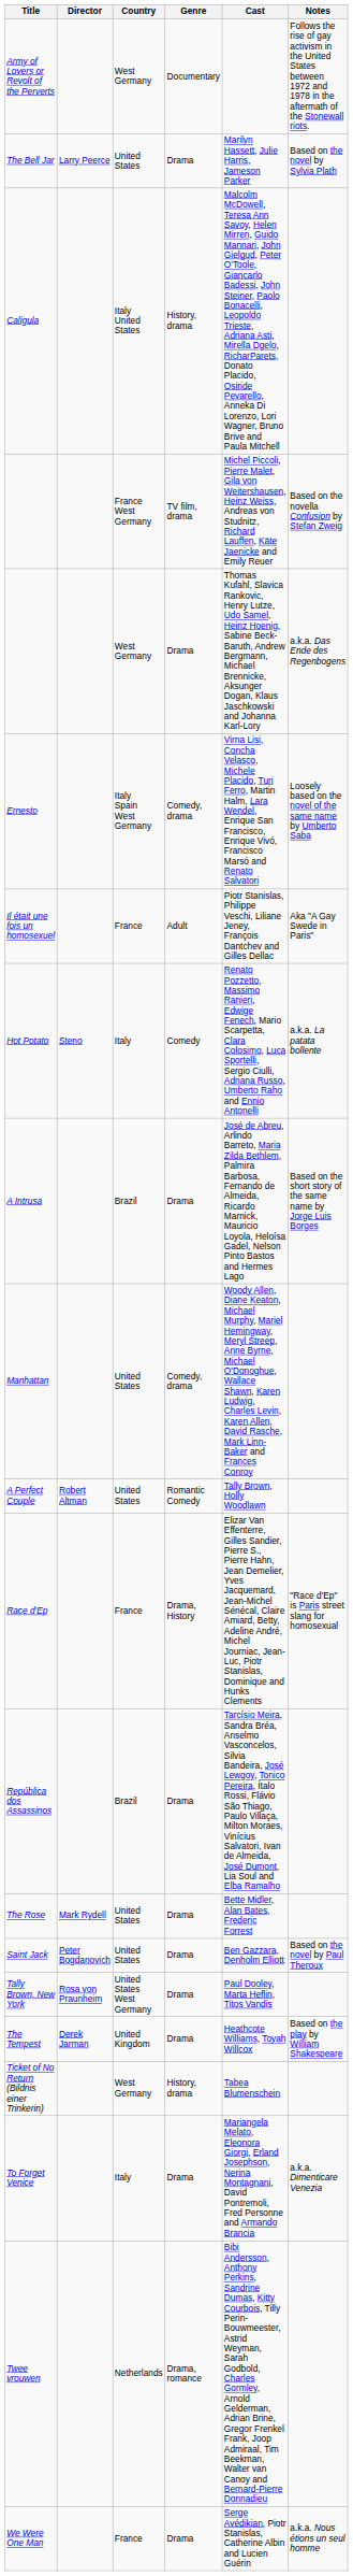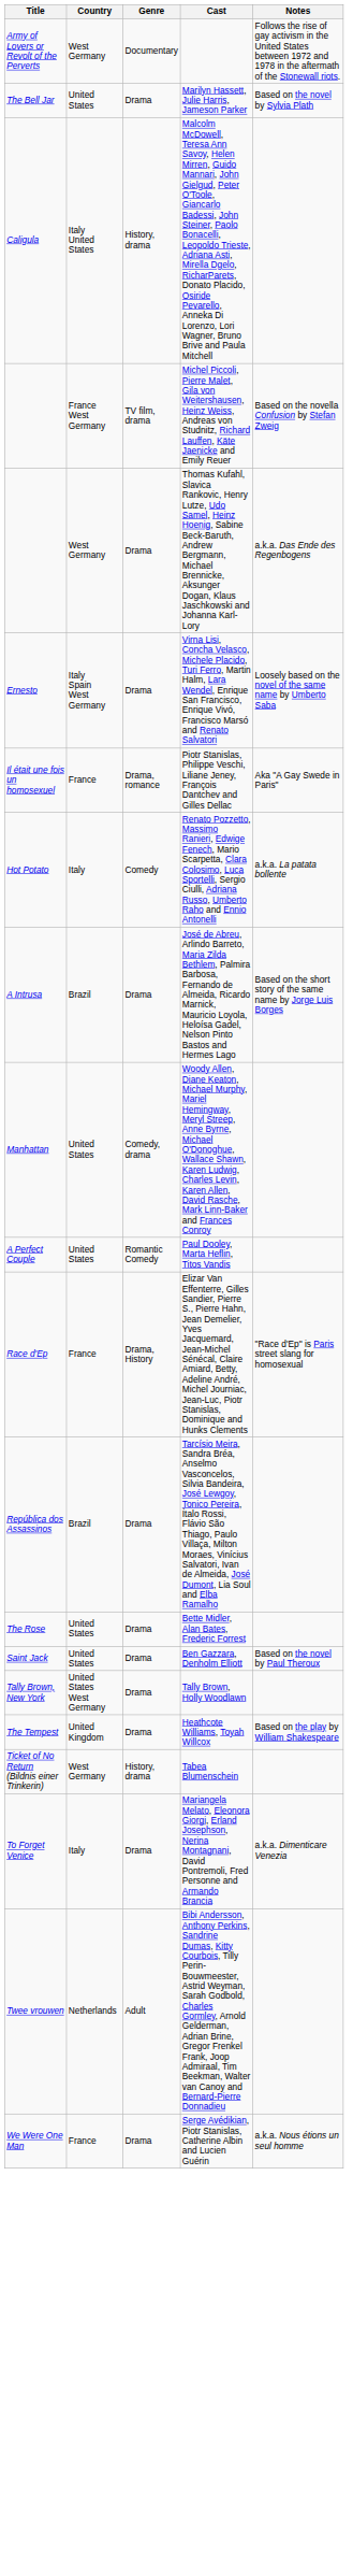 <table class="wikitable sortable">
 <tr>
 <th width="19%">Title</th>
-<th width="15%">Director</th>
 <th width="17%">Country</th>
 <th width="13%">Genre</th>
 <th width="22%">Cast</th>
 <th width="36%">Notes</th>
 </tr>
 <tr>
 <td><em><a href='#'>Army of Lovers or Revolt of the Perverts</a></em></td>
-<td></td>
 <td>West Germany</td>
 <td>Documentary</td>
 <td></td>
 <td>Follows the rise of gay activism in the United States between 1972 and 1978 in the aftermath of the <a href='#'>Stonewall riots</a>.</td>
 </tr>
 <tr>
 <td><em><a href='#'>The Bell Jar</a></em></td>
-<td><a href='#'>Larry Peerce</a></td>
 <td>United States</td>
 <td>Drama</td>
 <td><a href='#'>Marilyn Hassett</a>, <a href='#'>Julie Harris</a>, <a href='#'>Jameson Parker</a></td>
 <td>Based on <a href='#'>the novel</a> by <a href='#'>Sylvia Plath</a></td>
 </tr>
 <tr>
 <td><em><a href='#'>Caligula</a></em></td>
-<td></td>
 <td>Italy<br>United States</td>
 <td>History, drama</td>
 <td><a href='#'>Malcolm McDowell</a>, <a href='#'>Teresa Ann Savoy</a>, <a href='#'>Helen Mirren</a>, <a href='#'>Guido Mannari</a>, <a href='#'>John Gielgud</a>, <a href='#'>Peter O'Toole</a>, <a href='#'>Giancarlo Badessi</a>, <a href='#'>John Steiner</a>, <a href='#'>Paolo Bonacelli</a>, <a href='#'>Leopoldo Trieste</a>, <a href='#'>Adriana Asti</a>, <a href='#'>Mirella Dgelo</a>, <a href='#'>RicharParets</a>, Donato Placido, <a href='#'>Osiride Pevarello</a>, Anneka Di Lorenzo, Lori Wagner, Bruno Brive and Paula Mitchell</td>
 <td></td>
 </tr>
 <tr>
 <td><em></em></td>
-<td></td>
 <td>France<br>West Germany</td>
 <td>TV film, drama</td>
 <td><a href='#'>Michel Piccoli</a>, <a href='#'>Pierre Malet</a>, <a href='#'>Gila von Weitershausen</a>, <a href='#'>Heinz Weiss</a>, Andreas von Studnitz, <a href='#'>Richard Lauffen</a>, <a href='#'>Käte Jaenicke</a> and Emily Reuer</td>
 <td>Based on the novella <em><a href='#'>Confusion</a></em> by <a href='#'>Stefan Zweig</a></td>
 </tr>
 <tr>
 <td><em></em></td>
-<td></td>
 <td>West Germany</td>
 <td>Drama</td>
 <td>Thomas Kufahl, Slavica Rankovic, Henry Lutze, <a href='#'>Udo Samel</a>, <a href='#'>Heinz Hoenig</a>, Sabine Beck-Baruth, Andrew Bergmann, Michael Brennicke, Aksunger Dogan, Klaus Jaschkowski and Johanna Karl-Lory</td>
 <td>a.k.a. <em>Das Ende des Regenbogens</em></td>
 </tr>
 <tr>
 <td><em><a href='#'>Ernesto</a></em></td>
-<td></td>
 <td>Italy<br>Spain<br>West Germany</td>
-<td>Comedy, drama</td>
+<td>Drama</td>
 <td><a href='#'>Virna Lisi</a>, <a href='#'>Concha Velasco</a>, <a href='#'>Michele Placido</a>, <a href='#'>Turi Ferro</a>, Martin Halm, <a href='#'>Lara Wendel</a>, Enrique San Francisco, Enrique Vivó, Francisco Marsó and <a href='#'>Renato Salvatori</a></td>
 <td>Loosely based on the <a href='#'>novel of the same name</a> by <a href='#'>Umberto Saba</a></td>
 </tr>
 <tr>
 <td><em><a href='#'>Il était une fois un homosexuel</a></em></td>
-<td></td>
 <td>France</td>
-<td>Adult</td>
+<td>Drama, romance</td>
 <td>Piotr Stanislas, Philippe Veschi, Liliane Jeney, François Dantchev and Gilles Dellac</td>
 <td>Aka "A Gay Swede in Paris"</td>
 </tr>
 <tr>
 <td><em><a href='#'>Hot Potato</a></em></td>
-<td><a href='#'>Steno</a></td>
 <td>Italy</td>
 <td>Comedy</td>
 <td><a href='#'>Renato Pozzetto</a>, <a href='#'>Massimo Ranieri</a>, <a href='#'>Edwige Fenech</a>, Mario Scarpetta, <a href='#'>Clara Colosimo</a>, <a href='#'>Luca Sportelli</a>, Sergio Ciulli, <a href='#'>Adriana Russo</a>, <a href='#'>Umberto Raho</a> and <a href='#'>Ennio Antonelli</a></td>
 <td>a.k.a. <em>La patata bollente</em></td>
 </tr>
 <tr>
 <td><em><a href='#'>A Intrusa</a></em></td>
-<td></td>
 <td>Brazil</td>
 <td>Drama</td>
 <td><a href='#'>José de Abreu</a>, Arlindo Barreto, <a href='#'>Maria Zilda Bethlem</a>, Palmira Barbosa, Fernando de Almeida, Ricardo Marnick, Mauricio Loyola, Heloísa Gadel, Nelson Pinto Bastos and Hermes Lago</td>
 <td>Based on the short story of the same name by <a href='#'>Jorge Luis Borges</a></td>
 </tr>
 <tr>
 <td><em><a href='#'>Manhattan</a></em></td>
-<td></td>
 <td>United States</td>
 <td>Comedy, drama</td>
 <td><a href='#'>Woody Allen</a>, <a href='#'>Diane Keaton</a>, <a href='#'>Michael Murphy</a>, <a href='#'>Mariel Hemingway</a>, <a href='#'>Meryl Streep</a>, <a href='#'>Anne Byrne</a>, <a href='#'>Michael O'Donoghue</a>, <a href='#'>Wallace Shawn</a>, <a href='#'>Karen Ludwig</a>, <a href='#'>Charles Levin</a>, <a href='#'>Karen Allen</a>, <a href='#'>David Rasche</a>, <a href='#'>Mark Linn-Baker</a> and <a href='#'>Frances Conroy</a></td>
 <td></td>
 </tr>
 <tr>
 <td><em><a href='#'>A Perfect Couple</a></em></td>
-<td><a href='#'>Robert Altman</a></td>
 <td>United States</td>
 <td>Romantic Comedy</td>
-<td><a href='#'>Tally Brown</a>, <a href='#'>Holly Woodlawn</a></td>
+<td><a href='#'>Paul Dooley</a>, <a href='#'>Marta Heflin</a>, <a href='#'>Titos Vandis</a></td>
 <td></td>
 </tr>
 <tr>
 <td><em><a href='#'>Race d'Ep</a></em></td>
-<td></td>
 <td>France</td>
 <td>Drama, History</td>
 <td>Elizar Van Effenterre, Gilles Sandier, Pierre S., Pierre Hahn, Jean Demelier, Yves Jacquemard, Jean-Michel Sénécal, Claire Amiard, Betty, Adeline André, Michel Journiac, Jean-Luc, Piotr Stanislas, Dominique and Hunks Clements</td>
 <td>"Race d'Ep" is <a href='#'>Paris</a> street slang for homosexual</td>
 </tr>
 <tr>
 <td><em><a href='#'>República dos Assassinos</a></em></td>
-<td></td>
 <td>Brazil</td>
 <td>Drama</td>
 <td><a href='#'>Tarcísio Meira</a>, Sandra Bréa, Anselmo Vasconcelos, Silvia Bandeira, <a href='#'>José Lewgoy</a>, <a href='#'>Tonico Pereira</a>, Ítalo Rossi, Flávio São Thiago, Paulo Villaça, Milton Moraes, Vinícius Salvatori, Ivan de Almeida, <a href='#'>José Dumont</a>, Lia Soul and <a href='#'>Elba Ramalho</a></td>
 <td></td>
 </tr>
 <tr>
 <td><em><a href='#'>The Rose</a></em></td>
-<td><a href='#'>Mark Rydell</a></td>
 <td>United States</td>
 <td>Drama</td>
 <td><a href='#'>Bette Midler</a>, <a href='#'>Alan Bates</a>, <a href='#'>Frederic Forrest</a></td>
 <td></td>
 </tr>
 <tr>
 <td><em><a href='#'>Saint Jack</a></em></td>
-<td><a href='#'>Peter Bogdanovich</a></td>
 <td>United States</td>
 <td>Drama</td>
 <td><a href='#'>Ben Gazzara</a>, <a href='#'>Denholm Elliott</a></td>
 <td>Based on <a href='#'>the novel</a> by <a href='#'>Paul Theroux</a></td>
 </tr>
 <tr>
 <td><em><a href='#'>Tally Brown, New York</a></em></td>
-<td><a href='#'>Rosa von Praunheim</a></td>
 <td>United States<br>West Germany</td>
 <td>Drama</td>
-<td><a href='#'>Paul Dooley</a>, <a href='#'>Marta Heflin</a>, <a href='#'>Titos Vandis</a></td>
+<td><a href='#'>Tally Brown</a>, <a href='#'>Holly Woodlawn</a></td>
 <td></td>
 </tr>
 <tr>
 <td><em><a href='#'>The Tempest</a></em></td>
-<td><a href='#'>Derek Jarman</a></td>
 <td>United Kingdom</td>
 <td>Drama</td>
 <td><a href='#'>Heathcote Williams</a>, <a href='#'>Toyah Willcox</a></td>
 <td>Based on <a href='#'>the play</a> by <a href='#'>William Shakespeare</a></td>
 </tr>
 <tr>
 <td><em><a href='#'>Ticket of No Return</a> (Bildnis einer Trinkerin)</em></td>
-<td></td>
 <td>West Germany</td>
 <td>History, drama</td>
 <td><a href='#'>Tabea Blumenschein</a></td>
 <td></td>
 </tr>
 <tr>
 <td><em><a href='#'>To Forget Venice</a></em></td>
-<td></td>
 <td>Italy</td>
 <td>Drama</td>
 <td><a href='#'>Mariangela Melato</a>, <a href='#'>Eleonora Giorgi</a>, <a href='#'>Erland Josephson</a>, <a href='#'>Nerina Montagnani</a>, David Pontremoli, Fred Personne and <a href='#'>Armando Brancia</a></td>
 <td>a.k.a. <em>Dimenticare Venezia</em></td>
 </tr>
 <tr>
 <td><em><a href='#'>Twee vrouwen</a></em></td>
-<td></td>
 <td>Netherlands</td>
-<td>Drama, romance</td>
+<td>Adult</td>
 <td><a href='#'>Bibi Andersson</a>, <a href='#'>Anthony Perkins</a>, <a href='#'>Sandrine Dumas</a>, <a href='#'>Kitty Courbois</a>, Tilly Perin-Bouwmeester, Astrid Weyman, Sarah Godbold, <a href='#'>Charles Gormley</a>, Arnold Gelderman, Adrian Brine, Gregor Frenkel Frank, Joop Admiraal, Tim Beekman, Walter van Canoy and <a href='#'>Bernard-Pierre Donnadieu</a></td>
 <td></td>
 </tr>
 <tr>
 <td><em><a href='#'>We Were One Man</a></em></td>
-<td></td>
 <td>France</td>
 <td>Drama</td>
 <td><a href='#'>Serge Avédikian</a>, Piotr Stanislas, Catherine Albin and Lucien Guérin</td>
 <td>a.k.a. <em>Nous étions un seul homme</em></td>
 </tr>
 </table>
